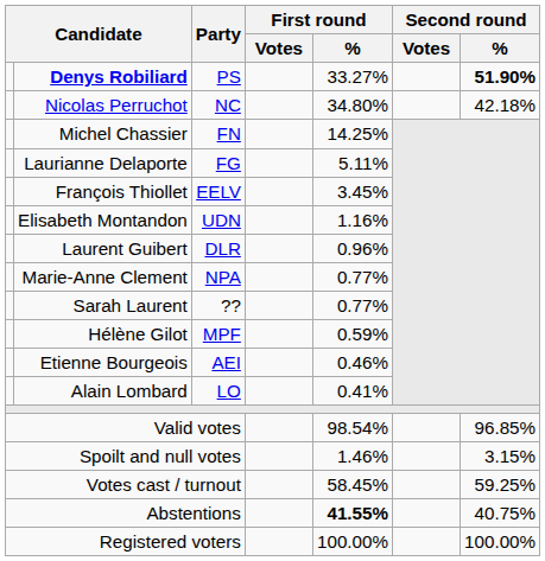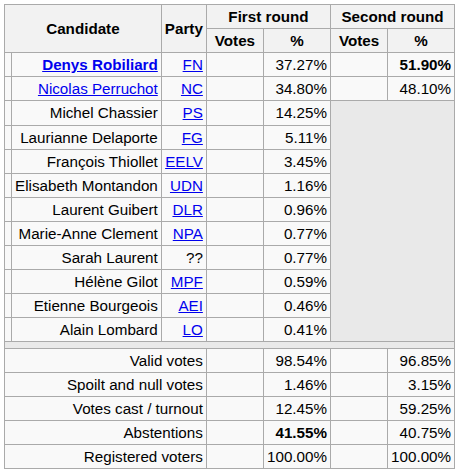 <table class="wikitable" style="text-align:right;font-size:95%;">
 <tr>
 <th rowspan=2 colspan=2>Candidate</th>
 <th rowspan=2 colspan=1>Party</th>
 <th colspan=2>First round</th>
 <th colspan=2>Second round</th>
 </tr>
 <tr>
 <th style="width:50px;">Votes</th>
 <th style="width:55px;">%</th>
 <th style="width:50px;">Votes</th>
 <th style="width:55px;">%</th>
 </tr>
 <tr>
 <td style="color:inherit;background-color:"></td>
 <td><strong><a href='#'>Denys Robiliard</a></strong></td>
-<td><a href='#'>PS</a></td>
+<td><a href='#'>FN</a></td>
 <td></td>
-<td>33.27%</td>
+<td>37.27%</td>
 <td><strong></strong></td>
 <td><strong>51.90%</strong></td>
 </tr>
 <tr>
 <td style="color:inherit;background-color:"></td>
 <td><a href='#'>Nicolas Perruchot</a></td>
 <td><a href='#'>NC</a></td>
 <td></td>
 <td>34.80%</td>
 <td></td>
-<td>42.18%</td>
+<td>48.10%</td>
 </tr>
 <tr>
 <td style="color:inherit;background-color:"></td>
 <td>Michel Chassier</td>
-<td><a href='#'>FN</a></td>
+<td><a href='#'>PS</a></td>
 <td></td>
 <td>14.25%</td>
 <td colspan=7 rowspan=10 style="background-color:#E9E9E9;"></td>
 </tr>
 <tr>
 <td style="color:inherit;background-color:"></td>
 <td>Laurianne Delaporte</td>
 <td><a href='#'>FG</a></td>
 <td></td>
 <td>5.11%</td>
 </tr>
 <tr>
 <td style="color:inherit;background-color:"></td>
 <td>François Thiollet</td>
 <td><a href='#'>EELV</a></td>
 <td></td>
 <td>3.45%</td>
 </tr>
 <tr>
 <td style="color:inherit;background-color:"></td>
 <td>Elisabeth Montandon</td>
 <td><a href='#'>UDN</a></td>
 <td></td>
 <td>1.16%</td>
 </tr>
 <tr>
 <td style="color:inherit;background-color:"></td>
 <td>Laurent Guibert</td>
 <td><a href='#'>DLR</a></td>
 <td></td>
 <td>0.96%</td>
 </tr>
 <tr>
 <td style="color:inherit;background-color:"></td>
 <td>Marie-Anne Clement</td>
 <td><a href='#'>NPA</a></td>
 <td></td>
 <td>0.77%</td>
 </tr>
 <tr>
 <td style="background-color:;"></td>
 <td>Sarah Laurent</td>
 <td>??</td>
 <td></td>
 <td>0.77%</td>
 </tr>
 <tr>
 <td style="color:inherit;background-color:"></td>
 <td>Hélène Gilot</td>
 <td><a href='#'>MPF</a></td>
 <td></td>
 <td>0.59%</td>
 </tr>
 <tr>
 <td style="color:inherit;background-color:"></td>
 <td>Etienne Bourgeois</td>
 <td><a href='#'>AEI</a></td>
 <td></td>
 <td>0.46%</td>
 </tr>
 <tr>
 <td style="color:inherit;background-color:"></td>
 <td>Alain Lombard</td>
 <td><a href='#'>LO</a></td>
 <td></td>
 <td>0.41%</td>
 </tr>
 <tr>
 <td colspan=7 style="background-color:#E9E9E9;"></td>
 </tr>
 <tr>
 <td colspan=3>Valid votes</td>
 <td></td>
 <td>98.54%</td>
 <td></td>
 <td>96.85%</td>
 </tr>
 <tr>
 <td colspan=3>Spoilt and null votes</td>
 <td></td>
 <td>1.46%</td>
 <td></td>
 <td>3.15%</td>
 </tr>
 <tr>
 <td colspan=3>Votes cast / turnout</td>
 <td></td>
-<td>58.45%</td>
+<td>12.45%</td>
 <td></td>
 <td>59.25%</td>
 </tr>
 <tr>
 <td colspan=3>Abstentions</td>
 <td></td>
 <td><strong>41.55%</strong></td>
 <td></td>
 <td>40.75%</td>
 </tr>
 <tr>
 <td colspan=3>Registered voters</td>
 <td></td>
 <td>100.00%</td>
 <td></td>
 <td>100.00%</td>
 </tr>
 </table>
